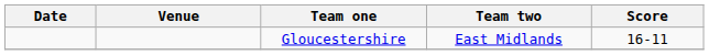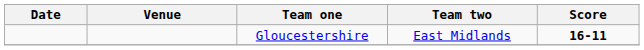 <table class="wikitable" style="text-align: center">
 <tr>
 <th width=80>Date</th>
 <th width=150>Venue</th>
 <th width=150>Team one</th>
 <th width=150>Team two</th>
 <th width=100>Score</th>
 </tr>
 <tr>
 <td></td>
 <td></td>
 <td><a href='#'>Gloucestershire</a></td>
 <td><a href='#'>East Midlands</a></td>
-<td>16-11</td>
+<td><strong>16-11</strong></td>
 </tr>
 <tr>
 </tr>
 </table>
